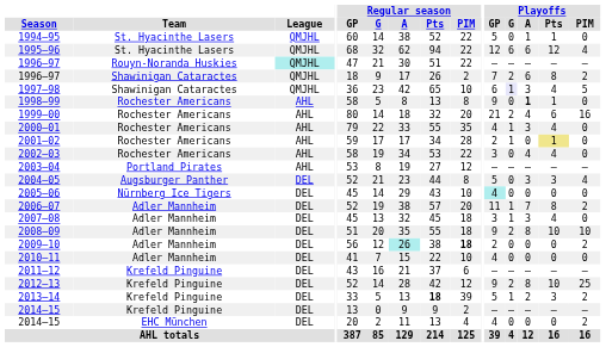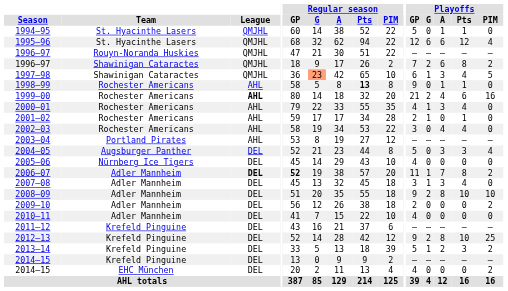 <table border="0" cellpadding="1" cellspacing="0" style="text-align:center; width:60em">
 <tr bgcolor="#e0e0e0">
 <th colspan="3" bgcolor="#ffffff"></th>
 <th rowspan="99" bgcolor="#ffffff"></th>
 <th colspan="5"><a href='#'>Regular season</a></th>
 <th rowspan="99" bgcolor="#ffffff"></th>
 <th colspan="5"><a href='#'>Playoffs</a></th>
 </tr>
 <tr bgcolor="#e0e0e0">
 <th><a href='#'>Season</a></th>
 <th>Team</th>
 <th>League</th>
 <th>GP</th>
 <th><a href='#'>G</a></th>
 <th><a href='#'>A</a></th>
 <th><a href='#'>Pts</a></th>
 <th><a href='#'>PIM</a></th>
 <th>GP</th>
 <th>G</th>
 <th>A</th>
 <th>Pts</th>
 <th>PIM</th>
 </tr>
 <tr ALIGN="center">
 <td><a href='#'>1994–95</a></td>
 <td><a href='#'>St. Hyacinthe Lasers</a></td>
 <td><a href='#'>QMJHL</a></td>
 <td>60</td>
 <td>14</td>
 <td>38</td>
 <td>52</td>
 <td>22</td>
 <td>5</td>
 <td>0</td>
 <td>1</td>
 <td>1</td>
 <td>0</td>
 </tr>
 <tr ALIGN="center" bgcolor="#f0f0f0">
 <td><a href='#'>1995–96</a></td>
 <td>St. Hyacinthe Lasers</td>
 <td>QMJHL</td>
 <td>68</td>
 <td>32</td>
 <td>62</td>
 <td>94</td>
 <td>22</td>
 <td>12</td>
 <td>6</td>
 <td>6</td>
 <td>12</td>
 <td>4</td>
 </tr>
 <tr ALIGN="center">
 <td><a href='#'>1996–97</a></td>
 <td><a href='#'>Rouyn-Noranda Huskies</a></td>
-<td style="background: paleturquoise;">QMJHL</td>
+<td>QMJHL</td>
 <td>47</td>
 <td>21</td>
 <td>30</td>
 <td>51</td>
 <td>22</td>
 <td>—</td>
 <td>—</td>
 <td>—</td>
 <td>—</td>
 <td>—</td>
 </tr>
 <tr ALIGN="center" bgcolor="#f0f0f0">
 <td>1996–97</td>
 <td><a href='#'>Shawinigan Cataractes</a></td>
 <td>QMJHL</td>
 <td>18</td>
 <td>9</td>
 <td>17</td>
 <td>26</td>
 <td>2</td>
 <td>7</td>
 <td>2</td>
 <td>6</td>
 <td>8</td>
 <td>2</td>
 </tr>
 <tr ALIGN="center">
 <td><a href='#'>1997–98</a></td>
 <td>Shawinigan Cataractes</td>
 <td>QMJHL</td>
 <td>36</td>
-<td>23</td>
+<td style="background: lightsalmon;">23</td>
 <td>42</td>
 <td>65</td>
 <td>10</td>
 <td>6</td>
-<td style="background: lavender;">1</td>
+<td>1</td>
 <td>3</td>
 <td>4</td>
 <td>5</td>
 </tr>
 <tr ALIGN="center" bgcolor="#f0f0f0">
 <td><a href='#'>1998–99</a></td>
 <td><a href='#'>Rochester Americans</a></td>
 <td><a href='#'>AHL</a></td>
 <td>58</td>
 <td>5</td>
 <td>8</td>
-<td>13</td>
+<td><strong>13</strong></td>
 <td>8</td>
 <td>9</td>
 <td>0</td>
-<td><strong>1</strong></td>
+<td>1</td>
 <td>1</td>
 <td>0</td>
 </tr>
 <tr ALIGN="center">
 <td><a href='#'>1999–00</a></td>
 <td>Rochester Americans</td>
-<td>AHL</td>
+<td><strong>AHL</strong></td>
 <td>80</td>
 <td>14</td>
 <td>18</td>
 <td>32</td>
 <td>20</td>
 <td>21</td>
 <td>2</td>
 <td>4</td>
 <td>6</td>
 <td>16</td>
 </tr>
 <tr ALIGN="center" bgcolor="#f0f0f0">
 <td><a href='#'>2000–01</a></td>
 <td>Rochester Americans</td>
 <td>AHL</td>
 <td>79</td>
 <td>22</td>
 <td>33</td>
 <td>55</td>
 <td>35</td>
 <td>4</td>
 <td>1</td>
 <td>3</td>
 <td>4</td>
 <td>0</td>
 </tr>
 <tr ALIGN="center">
 <td><a href='#'>2001–02</a></td>
 <td>Rochester Americans</td>
 <td>AHL</td>
 <td>59</td>
 <td>17</td>
 <td>17</td>
 <td>34</td>
 <td>28</td>
 <td>2</td>
 <td>1</td>
 <td>0</td>
-<td style="background: khaki;">1</td>
+<td>1</td>
 <td>0</td>
 </tr>
 <tr ALIGN="center" bgcolor="#f0f0f0">
 <td><a href='#'>2002–03</a></td>
 <td>Rochester Americans</td>
 <td>AHL</td>
 <td>58</td>
 <td>19</td>
 <td>34</td>
 <td>53</td>
 <td>22</td>
 <td>3</td>
 <td>0</td>
 <td>4</td>
 <td>4</td>
 <td>0</td>
 </tr>
 <tr ALIGN="center">
 <td><a href='#'>2003–04</a></td>
 <td><a href='#'>Portland Pirates</a></td>
 <td>AHL</td>
 <td>53</td>
 <td>8</td>
 <td>19</td>
 <td>27</td>
 <td>12</td>
 <td>—</td>
 <td>—</td>
 <td>—</td>
 <td>—</td>
 <td>—</td>
 </tr>
 <tr ALIGN="center" bgcolor="#f0f0f0">
 <td><a href='#'>2004–05</a></td>
 <td><a href='#'>Augsburger Panther</a></td>
 <td><a href='#'>DEL</a></td>
 <td>52</td>
 <td>21</td>
 <td>23</td>
 <td>44</td>
 <td>8</td>
 <td>5</td>
 <td>0</td>
 <td>3</td>
 <td>3</td>
 <td>4</td>
 </tr>
 <tr ALIGN="center">
 <td><a href='#'>2005–06</a></td>
 <td><a href='#'>Nürnberg Ice Tigers</a></td>
 <td>DEL</td>
 <td>45</td>
 <td>14</td>
 <td>29</td>
 <td>43</td>
 <td>10</td>
-<td style="background: paleturquoise;">4</td>
+<td>4</td>
 <td>0</td>
 <td>0</td>
 <td>0</td>
 <td>0</td>
 </tr>
 <tr ALIGN="center" bgcolor="#f0f0f0">
 <td><a href='#'>2006–07</a></td>
 <td><a href='#'>Adler Mannheim</a></td>
-<td>DEL</td>
-<td>52</td>
+<td><strong>DEL</strong></td>
+<td><strong>52</strong></td>
 <td>19</td>
 <td>38</td>
 <td>57</td>
 <td>20</td>
 <td>11</td>
 <td>1</td>
 <td>7</td>
 <td>8</td>
 <td>2</td>
 </tr>
 <tr ALIGN="center">
 <td><a href='#'>2007–08</a></td>
 <td>Adler Mannheim</td>
 <td>DEL</td>
 <td>45</td>
 <td>13</td>
 <td>32</td>
 <td>45</td>
 <td>18</td>
 <td>3</td>
 <td>1</td>
 <td>3</td>
 <td>4</td>
 <td>0</td>
 </tr>
 <tr ALIGN="center" bgcolor="#f0f0f0">
 <td><a href='#'>2008–09</a></td>
 <td>Adler Mannheim</td>
 <td>DEL</td>
 <td>51</td>
 <td>20</td>
 <td>35</td>
 <td>55</td>
 <td>18</td>
 <td>9</td>
 <td>2</td>
 <td>8</td>
 <td>10</td>
 <td>10</td>
 </tr>
 <tr ALIGN="center">
 <td><a href='#'>2009–10</a></td>
 <td>Adler Mannheim</td>
 <td>DEL</td>
 <td>56</td>
 <td>12</td>
-<td style="background: paleturquoise;">26</td>
+<td>26</td>
 <td>38</td>
-<td><strong>18</strong></td>
+<td>18</td>
 <td>2</td>
 <td>0</td>
 <td>0</td>
 <td>0</td>
 <td>2</td>
 </tr>
 <tr ALIGN="center" bgcolor="#f0f0f0">
 <td><a href='#'>2010–11</a></td>
 <td>Adler Mannheim</td>
 <td>DEL</td>
 <td>41</td>
 <td>7</td>
 <td>15</td>
 <td>22</td>
 <td>10</td>
 <td>4</td>
 <td>0</td>
 <td>0</td>
 <td>0</td>
 <td>0</td>
 </tr>
 <tr ALIGN="center">
 <td><a href='#'>2011–12</a></td>
 <td><a href='#'>Krefeld Pinguine</a></td>
 <td>DEL</td>
 <td>43</td>
 <td>16</td>
 <td>21</td>
 <td>37</td>
 <td>6</td>
 <td>—</td>
 <td>—</td>
 <td>—</td>
 <td>—</td>
 <td>—</td>
 </tr>
 <tr ALIGN="center" bgcolor="#f0f0f0">
 <td><a href='#'>2012–13</a></td>
 <td>Krefeld Pinguine</td>
 <td>DEL</td>
 <td>52</td>
 <td>14</td>
 <td>28</td>
 <td>42</td>
 <td>12</td>
 <td>9</td>
 <td>2</td>
 <td>8</td>
 <td>10</td>
 <td>25</td>
 </tr>
 <tr ALIGN="center">
 <td><a href='#'>2013–14</a></td>
 <td>Krefeld Pinguine</td>
 <td>DEL</td>
 <td>33</td>
 <td>5</td>
 <td>13</td>
-<td><strong>18</strong></td>
+<td>18</td>
 <td>39</td>
 <td>5</td>
 <td>1</td>
 <td>2</td>
 <td>3</td>
 <td>2</td>
 </tr>
 <tr ALIGN="center" bgcolor="#f0f0f0">
 <td><a href='#'>2014–15</a></td>
 <td>Krefeld Pinguine</td>
 <td>DEL</td>
 <td>13</td>
 <td>0</td>
 <td>9</td>
 <td>9</td>
 <td>2</td>
 <td>—</td>
 <td>—</td>
 <td>—</td>
 <td>—</td>
 <td>—</td>
 </tr>
 <tr ALIGN="center">
 <td>2014–15</td>
 <td><a href='#'>EHC München</a></td>
 <td>DEL</td>
 <td>20</td>
 <td>2</td>
 <td>11</td>
 <td>13</td>
 <td>4</td>
 <td>4</td>
 <td>0</td>
 <td>0</td>
 <td>0</td>
 <td>2</td>
 </tr>
 <tr bgcolor="#e0e0e0">
 <th colspan="3">AHL totals</th>
 <th>387</th>
 <th>85</th>
 <th>129</th>
 <th>214</th>
 <th>125</th>
 <th>39</th>
 <th>4</th>
 <th>12</th>
 <th>16</th>
 <th>16</th>
 </tr>
 </table>
